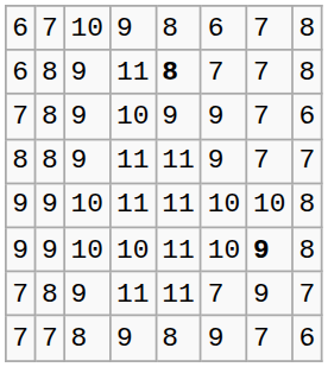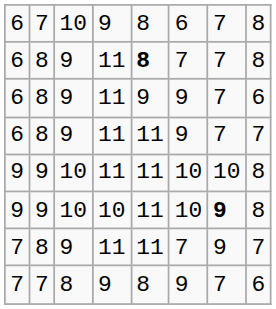 <table class="wikitable">
 <tr>
 <td>6</td>
 <td>7</td>
 <td>10</td>
 <td>9</td>
 <td>8</td>
 <td>6</td>
 <td>7</td>
 <td>8</td>
 </tr>
 <tr>
 <td>6</td>
 <td>8</td>
 <td>9</td>
 <td>11</td>
 <td><strong>8</strong></td>
 <td>7</td>
 <td>7</td>
 <td>8</td>
 </tr>
 <tr>
-<td>7</td>
+<td>6</td>
 <td>8</td>
 <td>9</td>
-<td>10</td>
+<td>11</td>
 <td>9</td>
 <td>9</td>
 <td>7</td>
 <td>6</td>
 </tr>
 <tr>
-<td>8</td>
+<td>6</td>
 <td>8</td>
 <td>9</td>
 <td>11</td>
 <td>11</td>
 <td>9</td>
 <td>7</td>
 <td>7</td>
 </tr>
 <tr>
 <td>9</td>
 <td>9</td>
 <td>10</td>
 <td>11</td>
 <td>11</td>
 <td>10</td>
 <td>10</td>
 <td>8</td>
 </tr>
 <tr>
 <td>9</td>
 <td>9</td>
 <td>10</td>
 <td>10</td>
 <td>11</td>
 <td>10</td>
 <td><strong>9</strong></td>
 <td>8</td>
 </tr>
 <tr>
 <td>7</td>
 <td>8</td>
 <td>9</td>
 <td>11</td>
 <td>11</td>
 <td>7</td>
 <td>9</td>
 <td>7</td>
 </tr>
 <tr>
 <td>7</td>
 <td>7</td>
 <td>8</td>
 <td>9</td>
 <td>8</td>
 <td>9</td>
 <td>7</td>
 <td>6</td>
 </tr>
 </table>
